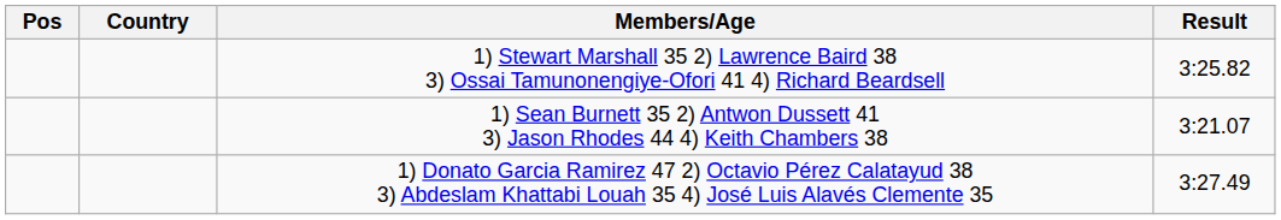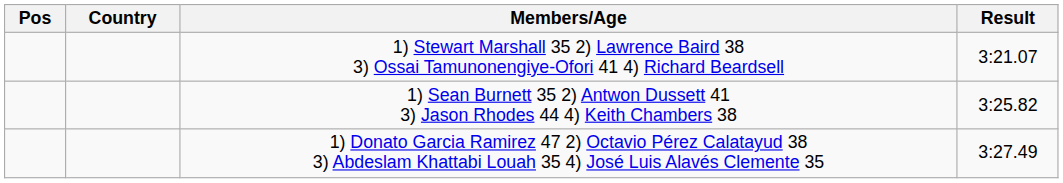 <table class="wikitable"  style="text-align:center; width:60%;">
 <tr>
 <th>Pos</th>
 <th>Country</th>
 <th>Members/Age</th>
 <th>Result</th>
 </tr>
 <tr>
 <td align=center></td>
 <td align=left></td>
 <td>1) <a href='#'>Stewart Marshall</a> 35 2) <a href='#'>Lawrence Baird</a> 38 <br>3) <a href='#'>Ossai Tamunonengiye-Ofori</a> 41 4) <a href='#'>Richard Beardsell</a></td>
-<td>3:25.82</td>
+<td>3:21.07</td>
 </tr>
 <tr>
 <td align=center></td>
 <td align=left></td>
 <td>1) <a href='#'>Sean Burnett</a> 35 2) <a href='#'>Antwon Dussett</a> 41<br>3) <a href='#'>Jason Rhodes</a> 44 4) <a href='#'>Keith Chambers</a> 38</td>
-<td>3:21.07</td>
+<td>3:25.82</td>
 </tr>
 <tr>
 <td align=center></td>
 <td align=left></td>
 <td>1) <a href='#'>Donato Garcia Ramirez</a> 47 2) <a href='#'>Octavio Pérez Calatayud</a> 38<br>3) <a href='#'>Abdeslam Khattabi Louah</a> 35 4) <a href='#'>José Luis Alavés Clemente</a> 35</td>
 <td>3:27.49</td>
 </tr>
 </table>
